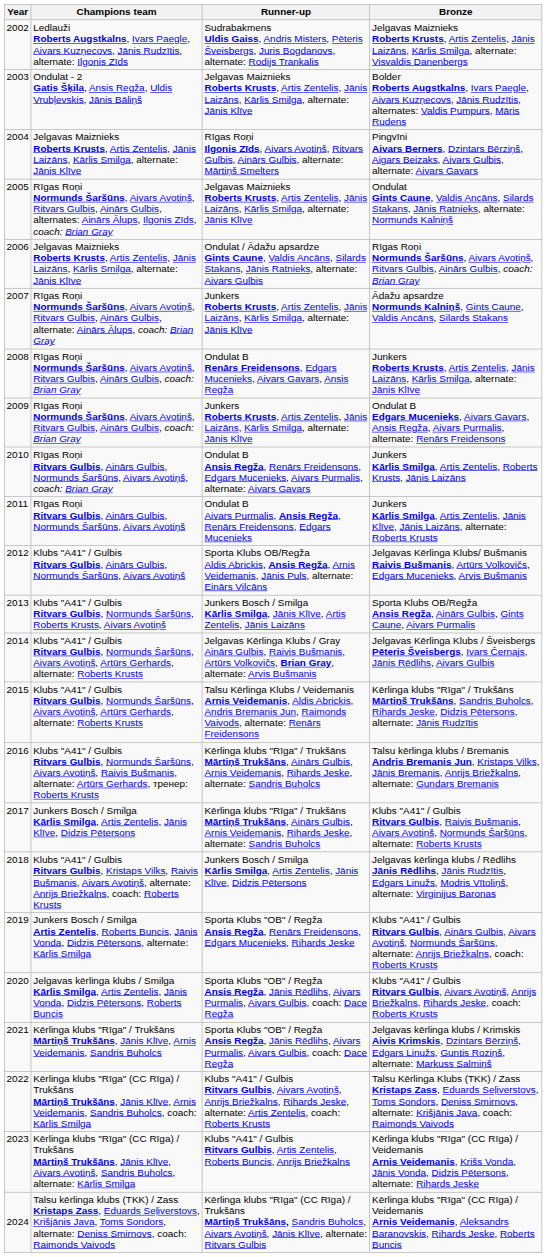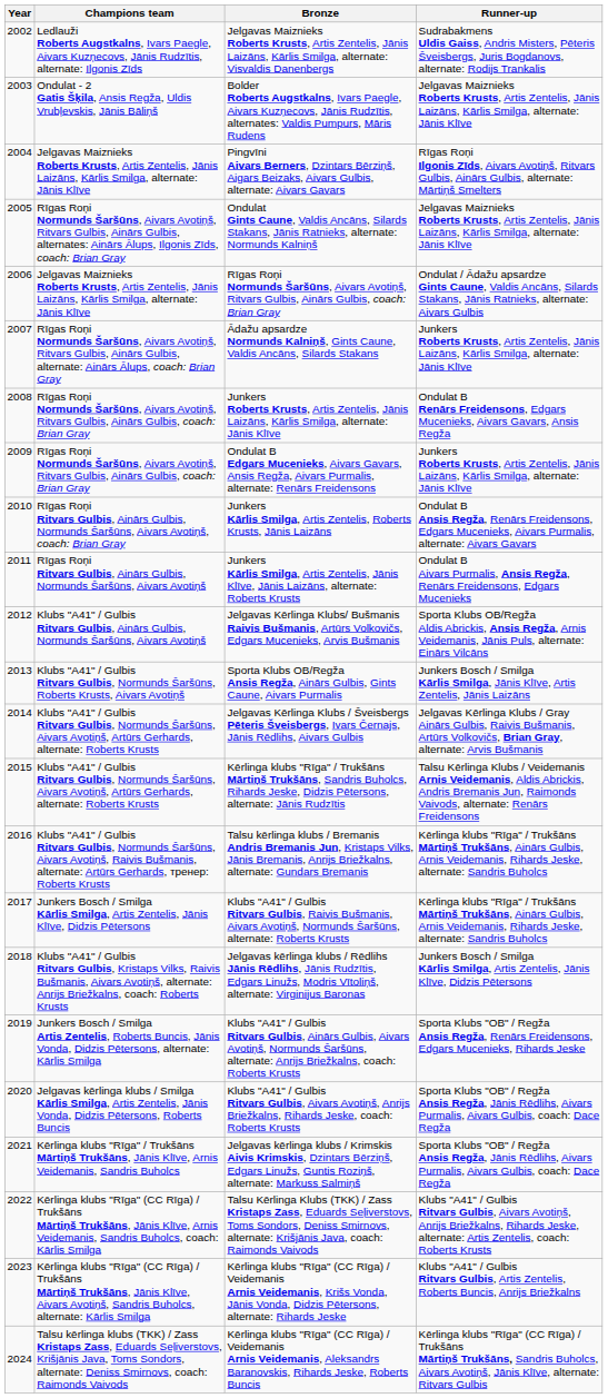 <table class="wikitable" border="1">
 <tr>
 <th>Year</th>
 <th>Champions team</th>
+<th>Bronze</th>
 <th>Runner-up</th>
-<th>Bronze</th>
 </tr>
 <tr valign="top">
 <td>2002</td>
 <td>Ledlauži<br><strong><a href='#'>Roberts Augstkalns</a></strong>, <a href='#'>Ivars Paegle</a>, <a href='#'>Aivars Kuzņecovs</a>, <a href='#'>Jānis Rudzītis</a>, alternate: <a href='#'>Ilgonis Zīds</a></td>
+<td>Jelgavas Maiznieks<br><strong><a href='#'>Roberts Krusts</a></strong>, <a href='#'>Artis Zentelis</a>, <a href='#'>Jānis Laizāns</a>, <a href='#'>Kārlis Smilga</a>, alternate: <a href='#'>Visvaldis Danenbergs</a></td>
 <td>Sudrabakmens<br><strong><a href='#'>Uldis Gaiss</a></strong>, <a href='#'>Andris Misters</a>, <a href='#'>Pēteris Šveisbergs</a>, <a href='#'>Juris Bogdanovs</a>, alternate: <a href='#'>Rodijs Trankalis</a></td>
-<td>Jelgavas Maiznieks<br><strong><a href='#'>Roberts Krusts</a></strong>, <a href='#'>Artis Zentelis</a>, <a href='#'>Jānis Laizāns</a>, <a href='#'>Kārlis Smilga</a>, alternate: <a href='#'>Visvaldis Danenbergs</a></td>
 </tr>
 <tr valign="top">
 <td>2003</td>
 <td>Ondulat - 2<br><strong><a href='#'>Gatis Šķila</a></strong>, <a href='#'>Ansis Regža</a>, <a href='#'>Uldis Vrubļevskis</a>, <a href='#'>Jānis Bāliņš</a></td>
+<td>Bolder<br><strong><a href='#'>Roberts Augstkalns</a></strong>, <a href='#'>Ivars Paegle</a>, <a href='#'>Aivars Kuzņecovs</a>, <a href='#'>Jānis Rudzītis</a>, alternates: <a href='#'>Valdis Pumpurs</a>, <a href='#'>Māris Rudens</a></td>
 <td>Jelgavas Maiznieks<br><strong><a href='#'>Roberts Krusts</a></strong>, <a href='#'>Artis Zentelis</a>, <a href='#'>Jānis Laizāns</a>, <a href='#'>Kārlis Smilga</a>, alternate: <a href='#'>Jānis Klīve</a></td>
-<td>Bolder<br><strong><a href='#'>Roberts Augstkalns</a></strong>, <a href='#'>Ivars Paegle</a>, <a href='#'>Aivars Kuzņecovs</a>, <a href='#'>Jānis Rudzītis</a>, alternates: <a href='#'>Valdis Pumpurs</a>, <a href='#'>Māris Rudens</a></td>
 </tr>
 <tr valign="top">
 <td>2004</td>
 <td>Jelgavas Maiznieks<br><strong><a href='#'>Roberts Krusts</a></strong>, <a href='#'>Artis Zentelis</a>, <a href='#'>Jānis Laizāns</a>, <a href='#'>Kārlis Smilga</a>, alternate: <a href='#'>Jānis Klīve</a></td>
+<td>Pingvīni<br><strong><a href='#'>Aivars Berners</a></strong>, <a href='#'>Dzintars Bērziņš</a>, <a href='#'>Aigars Beizaks</a>, <a href='#'>Aivars Gulbis</a>, alternate: <a href='#'>Aivars Gavars</a></td>
 <td>Rīgas Roņi<br><strong><a href='#'>Ilgonis Zīds</a></strong>, <a href='#'>Aivars Avotiņš</a>, <a href='#'>Ritvars Gulbis</a>, <a href='#'>Ainārs Gulbis</a>, alternate: <a href='#'>Mārtiņš Smelters</a></td>
-<td>Pingvīni<br><strong><a href='#'>Aivars Berners</a></strong>, <a href='#'>Dzintars Bērziņš</a>, <a href='#'>Aigars Beizaks</a>, <a href='#'>Aivars Gulbis</a>, alternate: <a href='#'>Aivars Gavars</a></td>
 </tr>
 <tr valign="top">
 <td>2005</td>
 <td>Rīgas Roņi<br><strong><a href='#'>Normunds Šaršūns</a></strong>, <a href='#'>Aivars Avotiņš</a>, <a href='#'>Ritvars Gulbis</a>, <a href='#'>Ainārs Gulbis</a>, alternates: <a href='#'>Ainārs Ālups</a>, <a href='#'>Ilgonis Zīds</a>, <em>coach: <a href='#'>Brian Gray</a></em></td>
+<td>Ondulat<br><strong><a href='#'>Gints Caune</a></strong>, <a href='#'>Valdis Ancāns</a>, <a href='#'>Silards Stakans</a>, <a href='#'>Jānis Ratnieks</a>, alternate: <a href='#'>Normunds Kalniņš</a></td>
 <td>Jelgavas Maiznieks<br><strong><a href='#'>Roberts Krusts</a></strong>, <a href='#'>Artis Zentelis</a>, <a href='#'>Jānis Laizāns</a>, <a href='#'>Kārlis Smilga</a>, alternate: <a href='#'>Jānis Klīve</a></td>
-<td>Ondulat<br><strong><a href='#'>Gints Caune</a></strong>, <a href='#'>Valdis Ancāns</a>, <a href='#'>Silards Stakans</a>, <a href='#'>Jānis Ratnieks</a>, alternate: <a href='#'>Normunds Kalniņš</a></td>
 </tr>
 <tr valign="top">
 <td>2006</td>
 <td>Jelgavas Maiznieks<br><strong><a href='#'>Roberts Krusts</a></strong>, <a href='#'>Artis Zentelis</a>, <a href='#'>Jānis Laizāns</a>, <a href='#'>Kārlis Smilga</a>, alternate: <a href='#'>Jānis Klīve</a></td>
+<td>Rīgas Roņi<br><strong><a href='#'>Normunds Šaršūns</a></strong>, <a href='#'>Aivars Avotiņš</a>, <a href='#'>Ritvars Gulbis</a>, <a href='#'>Ainārs Gulbis</a>, <em>coach: <a href='#'>Brian Gray</a></em></td>
 <td>Ondulat / Ādažu apsardze<br><strong><a href='#'>Gints Caune</a></strong>, <a href='#'>Valdis Ancāns</a>, <a href='#'>Silards Stakans</a>, <a href='#'>Jānis Ratnieks</a>, alternate: <a href='#'>Aivars Gulbis</a></td>
-<td>Rīgas Roņi<br><strong><a href='#'>Normunds Šaršūns</a></strong>, <a href='#'>Aivars Avotiņš</a>, <a href='#'>Ritvars Gulbis</a>, <a href='#'>Ainārs Gulbis</a>, <em>coach: <a href='#'>Brian Gray</a></em></td>
 </tr>
 <tr valign="top">
 <td>2007</td>
 <td>Rīgas Roņi<br><strong><a href='#'>Normunds Šaršūns</a></strong>, <a href='#'>Aivars Avotiņš</a>, <a href='#'>Ritvars Gulbis</a>, <a href='#'>Ainārs Gulbis</a>, alternate: <a href='#'>Ainārs Ālups</a>, <em>coach: <a href='#'>Brian Gray</a></em></td>
+<td>Ādažu apsardze<br><strong><a href='#'>Normunds Kalniņš</a></strong>, <a href='#'>Gints Caune</a>, <a href='#'>Valdis Ancāns</a>, <a href='#'>Silards Stakans</a></td>
 <td>Junkers<br><strong><a href='#'>Roberts Krusts</a></strong>, <a href='#'>Artis Zentelis</a>, <a href='#'>Jānis Laizāns</a>, <a href='#'>Kārlis Smilga</a>, alternate: <a href='#'>Jānis Klīve</a></td>
-<td>Ādažu apsardze<br><strong><a href='#'>Normunds Kalniņš</a></strong>, <a href='#'>Gints Caune</a>, <a href='#'>Valdis Ancāns</a>, <a href='#'>Silards Stakans</a></td>
 </tr>
 <tr valign="top">
 <td>2008</td>
 <td>Rīgas Roņi<br><strong><a href='#'>Normunds Šaršūns</a></strong>, <a href='#'>Aivars Avotiņš</a>, <a href='#'>Ritvars Gulbis</a>, <a href='#'>Ainārs Gulbis</a>, <em>coach: <a href='#'>Brian Gray</a></em></td>
+<td>Junkers<br><strong><a href='#'>Roberts Krusts</a></strong>, <a href='#'>Artis Zentelis</a>, <a href='#'>Jānis Laizāns</a>, <a href='#'>Kārlis Smilga</a>, alternate: <a href='#'>Jānis Klīve</a></td>
 <td>Ondulat B<br><strong><a href='#'>Renārs Freidensons</a></strong>, <a href='#'>Edgars Mucenieks</a>, <a href='#'>Aivars Gavars</a>, <a href='#'>Ansis Regža</a></td>
-<td>Junkers<br><strong><a href='#'>Roberts Krusts</a></strong>, <a href='#'>Artis Zentelis</a>, <a href='#'>Jānis Laizāns</a>, <a href='#'>Kārlis Smilga</a>, alternate: <a href='#'>Jānis Klīve</a></td>
 </tr>
 <tr valign="top">
 <td>2009</td>
 <td>Rīgas Roņi<br><strong><a href='#'>Normunds Šaršūns</a></strong>, <a href='#'>Aivars Avotiņš</a>, <a href='#'>Ritvars Gulbis</a>, <a href='#'>Ainārs Gulbis</a>, <em>coach: <a href='#'>Brian Gray</a></em></td>
+<td>Ondulat B<br><strong><a href='#'>Edgars Mucenieks</a></strong>, <a href='#'>Aivars Gavars</a>, <a href='#'>Ansis Regža</a>, <a href='#'>Aivars Purmalis</a>, alternate: <a href='#'>Renārs Freidensons</a></td>
 <td>Junkers<br><strong><a href='#'>Roberts Krusts</a></strong>, <a href='#'>Artis Zentelis</a>, <a href='#'>Jānis Laizāns</a>, <a href='#'>Kārlis Smilga</a>, alternate: <a href='#'>Jānis Klīve</a></td>
-<td>Ondulat B<br><strong><a href='#'>Edgars Mucenieks</a></strong>, <a href='#'>Aivars Gavars</a>, <a href='#'>Ansis Regža</a>, <a href='#'>Aivars Purmalis</a>, alternate: <a href='#'>Renārs Freidensons</a></td>
 </tr>
 <tr valign="top">
 <td>2010</td>
 <td>Rīgas Roņi<br><strong><a href='#'>Ritvars Gulbis</a></strong>, <a href='#'>Ainārs Gulbis</a>, <a href='#'>Normunds Šaršūns</a>, <a href='#'>Aivars Avotiņš</a>, <em>coach: <a href='#'>Brian Gray</a></em></td>
+<td>Junkers<br><strong><a href='#'>Kārlis Smilga</a></strong>, <a href='#'>Artis Zentelis</a>, <a href='#'>Roberts Krusts</a>, <a href='#'>Jānis Laizāns</a></td>
 <td>Ondulat B<br><strong><a href='#'>Ansis Regža</a></strong>, <a href='#'>Renārs Freidensons</a>, <a href='#'>Edgars Mucenieks</a>, <a href='#'>Aivars Purmalis</a>, alternate: <a href='#'>Aivars Gavars</a></td>
-<td>Junkers<br><strong><a href='#'>Kārlis Smilga</a></strong>, <a href='#'>Artis Zentelis</a>, <a href='#'>Roberts Krusts</a>, <a href='#'>Jānis Laizāns</a></td>
 </tr>
 <tr valign="top">
 <td>2011</td>
 <td>Rīgas Roņi<br><strong><a href='#'>Ritvars Gulbis</a></strong>, <a href='#'>Ainārs Gulbis</a>, <a href='#'>Normunds Šaršūns</a>, <a href='#'>Aivars Avotiņš</a></td>
+<td>Junkers<br><strong><a href='#'>Kārlis Smilga</a></strong>, <a href='#'>Artis Zentelis</a>, <a href='#'>Jānis Klīve</a>, <a href='#'>Jānis Laizāns</a>, alternate: <a href='#'>Roberts Krusts</a></td>
 <td>Ondulat B<br><a href='#'>Aivars Purmalis</a>, <strong><a href='#'>Ansis Regža</a></strong>, <a href='#'>Renārs Freidensons</a>, <a href='#'>Edgars Mucenieks</a></td>
-<td>Junkers<br><strong><a href='#'>Kārlis Smilga</a></strong>, <a href='#'>Artis Zentelis</a>, <a href='#'>Jānis Klīve</a>, <a href='#'>Jānis Laizāns</a>, alternate: <a href='#'>Roberts Krusts</a></td>
 </tr>
 <tr valign="top">
 <td>2012</td>
 <td>Klubs "A41" / Gulbis<br><strong><a href='#'>Ritvars Gulbis</a></strong>, <a href='#'>Ainārs Gulbis</a>, <a href='#'>Normunds Šaršūns</a>, <a href='#'>Aivars Avotiņš</a></td>
+<td>Jelgavas Kērlinga Klubs/ Bušmanis<br><strong><a href='#'>Raivis Bušmanis</a></strong>, <a href='#'>Artūrs Volkovičs</a>, <a href='#'>Edgars Mucenieks</a>, <a href='#'>Arvis Bušmanis</a></td>
 <td>Sporta Klubs OB/Regža<br><a href='#'>Aldis Abrickis</a>, <strong><a href='#'>Ansis Regža</a></strong>, <a href='#'>Arnis Veidemanis</a>, <a href='#'>Jānis Puls</a>, alternate: <a href='#'>Einārs Vilcāns</a></td>
-<td>Jelgavas Kērlinga Klubs/ Bušmanis<br><strong><a href='#'>Raivis Bušmanis</a></strong>, <a href='#'>Artūrs Volkovičs</a>, <a href='#'>Edgars Mucenieks</a>, <a href='#'>Arvis Bušmanis</a></td>
 </tr>
 <tr valign="top">
 <td>2013</td>
 <td>Klubs "A41" / Gulbis<br><strong><a href='#'>Ritvars Gulbis</a></strong>, <a href='#'>Normunds Šaršūns</a>, <a href='#'>Roberts Krusts</a>, <a href='#'>Aivars Avotiņš</a></td>
+<td>Sporta Klubs OB/Regža<br><strong><a href='#'>Ansis Regža</a></strong>, <a href='#'>Ainārs Gulbis</a>, <a href='#'>Gints Caune</a>, <a href='#'>Aivars Purmalis</a></td>
 <td>Junkers Bosch / Smilga<br><strong><a href='#'>Kārlis Smilga</a></strong>, <a href='#'>Jānis Klīve</a>, <a href='#'>Artis Zentelis</a>, <a href='#'>Jānis Laizāns</a></td>
-<td>Sporta Klubs OB/Regža<br><strong><a href='#'>Ansis Regža</a></strong>, <a href='#'>Ainārs Gulbis</a>, <a href='#'>Gints Caune</a>, <a href='#'>Aivars Purmalis</a></td>
 </tr>
 <tr valign="top">
 <td>2014</td>
 <td>Klubs "A41" / Gulbis<br><strong><a href='#'>Ritvars Gulbis</a></strong>, <a href='#'>Normunds Šaršūns</a>, <a href='#'>Aivars Avotiņš</a>, <a href='#'>Artūrs Gerhards</a>, alternate: <a href='#'>Roberts Krusts</a></td>
+<td>Jelgavas Kērlinga Klubs / Šveisbergs<br><strong><a href='#'>Pēteris Šveisbergs</a></strong>, <a href='#'>Ivars Černajs</a>, <a href='#'>Jānis Rēdlihs</a>, <a href='#'>Aivars Gulbis</a></td>
 <td>Jelgavas Kērlinga Klubs / Gray<br><a href='#'>Ainārs Gulbis</a>, <a href='#'>Raivis Bušmanis</a>, <a href='#'>Artūrs Volkovičs</a>, <strong><a href='#'>Brian Gray</a></strong>, alternate: <a href='#'>Arvis Bušmanis</a></td>
-<td>Jelgavas Kērlinga Klubs / Šveisbergs<br><strong><a href='#'>Pēteris Šveisbergs</a></strong>, <a href='#'>Ivars Černajs</a>, <a href='#'>Jānis Rēdlihs</a>, <a href='#'>Aivars Gulbis</a></td>
 </tr>
 <tr valign="top">
 <td>2015</td>
 <td>Klubs "A41" / Gulbis<br><strong><a href='#'>Ritvars Gulbis</a></strong>, <a href='#'>Normunds Šaršūns</a>, <a href='#'>Aivars Avotiņš</a>, <a href='#'>Artūrs Gerhards</a>, alternate: <a href='#'>Roberts Krusts</a></td>
+<td>Kērlinga klubs "Rīga" / Trukšāns<br><strong><a href='#'>Mārtiņš Trukšāns</a></strong>, <a href='#'>Sandris Buholcs</a>, <a href='#'>Rihards Jeske</a>, <a href='#'>Didzis Pētersons</a>, alternate: <a href='#'>Jānis Rudzītis</a></td>
 <td>Talsu Kērlinga Klubs / Veidemanis<br><strong><a href='#'>Arnis Veidemanis</a></strong>, <a href='#'>Aldis Abrickis</a>, <a href='#'>Andris Bremanis Jun</a>, <a href='#'>Raimonds Vaivods</a>, alternate: <a href='#'>Renārs Freidensons</a></td>
-<td>Kērlinga klubs "Rīga" / Trukšāns<br><strong><a href='#'>Mārtiņš Trukšāns</a></strong>, <a href='#'>Sandris Buholcs</a>, <a href='#'>Rihards Jeske</a>, <a href='#'>Didzis Pētersons</a>, alternate: <a href='#'>Jānis Rudzītis</a></td>
 </tr>
 <tr valign="top">
 <td>2016</td>
 <td>Klubs "A41" / Gulbis<br><strong><a href='#'>Ritvars Gulbis</a></strong>, <a href='#'>Normunds Šaršūns</a>, <a href='#'>Aivars Avotiņš</a>, <a href='#'>Raivis Bušmanis</a>, alternate: <a href='#'>Artūrs Gerhards</a>, тренер: <a href='#'>Roberts Krusts</a></td>
+<td>Talsu kērlinga klubs / Bremanis<br><strong><a href='#'>Andris Bremanis Jun</a></strong>, <a href='#'>Kristaps Vilks</a>, <a href='#'>Jānis Bremanis</a>, <a href='#'>Anrijs Briežkalns</a>, alternate: <a href='#'>Gundars Bremanis</a></td>
 <td>Kērlinga klubs "Rīga" / Trukšāns<br><strong><a href='#'>Mārtiņš Trukšāns</a></strong>, <a href='#'>Ainārs Gulbis</a>, <a href='#'>Arnis Veidemanis</a>, <a href='#'>Rihards Jeske</a>, alternate: <a href='#'>Sandris Buholcs</a></td>
-<td>Talsu kērlinga klubs / Bremanis<br><strong><a href='#'>Andris Bremanis Jun</a></strong>, <a href='#'>Kristaps Vilks</a>, <a href='#'>Jānis Bremanis</a>, <a href='#'>Anrijs Briežkalns</a>, alternate: <a href='#'>Gundars Bremanis</a></td>
 </tr>
 <tr valign="top">
 <td>2017</td>
 <td>Junkers Bosch / Smilga<br><strong><a href='#'>Kārlis Smilga</a></strong>, <a href='#'>Artis Zentelis</a>, <a href='#'>Jānis Klīve</a>, <a href='#'>Didzis Pētersons</a></td>
+<td>Klubs "A41" / Gulbis<br><strong><a href='#'>Ritvars Gulbis</a></strong>, <a href='#'>Raivis Bušmanis</a>, <a href='#'>Aivars Avotiņš</a>, <a href='#'>Normunds Šaršūns</a>, alternate: <a href='#'>Roberts Krusts</a></td>
 <td>Kērlinga klubs "Rīga" / Trukšāns<br><strong><a href='#'>Mārtiņš Trukšāns</a></strong>, <a href='#'>Ainārs Gulbis</a>, <a href='#'>Arnis Veidemanis</a>, <a href='#'>Rihards Jeske</a>, alternate: <a href='#'>Sandris Buholcs</a></td>
-<td>Klubs "A41" / Gulbis<br><strong><a href='#'>Ritvars Gulbis</a></strong>, <a href='#'>Raivis Bušmanis</a>, <a href='#'>Aivars Avotiņš</a>, <a href='#'>Normunds Šaršūns</a>, alternate: <a href='#'>Roberts Krusts</a></td>
 </tr>
 <tr valign="top">
 <td>2018</td>
 <td>Klubs "A41" / Gulbis<br><strong><a href='#'>Ritvars Gulbis</a></strong>, <a href='#'>Kristaps Vilks</a>, <a href='#'>Raivis Bušmanis</a>, <a href='#'>Aivars Avotiņš</a>, alternate: <a href='#'>Anrijs Briežkalns</a>, coach: <a href='#'>Roberts Krusts</a></td>
+<td>Jelgavas kērlinga klubs / Rēdlihs<br><strong><a href='#'>Jānis Rēdlihs</a></strong>, <a href='#'>Jānis Rudzītis</a>, <a href='#'>Edgars Linužs</a>, <a href='#'>Modris Vītoliņš</a>, alternate: <a href='#'>Virginijus Baronas</a></td>
 <td>Junkers Bosch / Smilga<br><strong><a href='#'>Kārlis Smilga</a></strong>, <a href='#'>Artis Zentelis</a>, <a href='#'>Jānis Klīve</a>, <a href='#'>Didzis Pētersons</a></td>
-<td>Jelgavas kērlinga klubs / Rēdlihs<br><strong><a href='#'>Jānis Rēdlihs</a></strong>, <a href='#'>Jānis Rudzītis</a>, <a href='#'>Edgars Linužs</a>, <a href='#'>Modris Vītoliņš</a>, alternate: <a href='#'>Virginijus Baronas</a></td>
 </tr>
 <tr valign="top">
 <td>2019</td>
 <td>Junkers Bosch / Smilga<br><strong><a href='#'>Artis Zentelis</a></strong>, <a href='#'>Roberts Buncis</a>, <a href='#'>Jānis Vonda</a>, <a href='#'>Didzis Pētersons</a>, alternate: <a href='#'>Kārlis Smilga</a></td>
+<td>Klubs "A41" / Gulbis<br><strong><a href='#'>Ritvars Gulbis</a></strong>, <a href='#'>Ainārs Gulbis</a>, <a href='#'>Aivars Avotiņš</a>, <a href='#'>Normunds Šaršūns</a>, alternate: <a href='#'>Anrijs Briežkalns</a>, coach: <a href='#'>Roberts Krusts</a></td>
 <td>Sporta Klubs "OB" / Regža<br><strong><a href='#'>Ansis Regža</a></strong>, <a href='#'>Renārs Freidensons</a>, <a href='#'>Edgars Mucenieks</a>, <a href='#'>Rihards Jeske</a></td>
-<td>Klubs "A41" / Gulbis<br><strong><a href='#'>Ritvars Gulbis</a></strong>, <a href='#'>Ainārs Gulbis</a>, <a href='#'>Aivars Avotiņš</a>, <a href='#'>Normunds Šaršūns</a>, alternate: <a href='#'>Anrijs Briežkalns</a>, coach: <a href='#'>Roberts Krusts</a></td>
 </tr>
 <tr valign="top">
 <td>2020</td>
 <td>Jelgavas kērlinga klubs / Smilga<br><strong><a href='#'>Kārlis Smilga</a></strong>, <a href='#'>Artis Zentelis</a>, <a href='#'>Jānis Vonda</a>, <a href='#'>Didzis Pētersons</a>, <a href='#'>Roberts Buncis</a></td>
+<td>Klubs "A41" / Gulbis<br><strong><a href='#'>Ritvars Gulbis</a></strong>, <a href='#'>Aivars Avotiņš</a>, <a href='#'>Anrijs Briežkalns</a>, <a href='#'>Rihards Jeske</a>, coach: <a href='#'>Roberts Krusts</a></td>
 <td>Sporta Klubs "OB" / Regža<br><strong><a href='#'>Ansis Regža</a></strong>, <a href='#'>Jānis Rēdlihs</a>, <a href='#'>Aivars Purmalis</a>, <a href='#'>Aivars Gulbis</a>, coach: <a href='#'>Dace Regža</a></td>
-<td>Klubs "A41" / Gulbis<br><strong><a href='#'>Ritvars Gulbis</a></strong>, <a href='#'>Aivars Avotiņš</a>, <a href='#'>Anrijs Briežkalns</a>, <a href='#'>Rihards Jeske</a>, coach: <a href='#'>Roberts Krusts</a></td>
 </tr>
 <tr valign="top">
 <td>2021</td>
 <td>Kērlinga klubs "Rīga" / Trukšāns<br><strong><a href='#'>Mārtiņš Trukšāns</a></strong>, <a href='#'>Jānis Klīve</a>, <a href='#'>Arnis Veidemanis</a>, <a href='#'>Sandris Buholcs</a></td>
+<td>Jelgavas kērlinga klubs / Krimskis<br> <strong><a href='#'>Aivis Krimskis</a></strong>, <a href='#'>Dzintars Bērziņš</a>, <a href='#'>Edgars Linužs</a>, <a href='#'>Guntis Roziņš</a>, alternate: <a href='#'>Markuss Salmiņš</a></td>
 <td>Sporta Klubs "OB" / Regža<br><strong><a href='#'>Ansis Regža</a></strong>, <a href='#'>Jānis Rēdlihs</a>, <a href='#'>Aivars Purmalis</a>, <a href='#'>Aivars Gulbis</a>, coach: <a href='#'>Dace Regža</a></td>
-<td>Jelgavas kērlinga klubs / Krimskis<br> <strong><a href='#'>Aivis Krimskis</a></strong>, <a href='#'>Dzintars Bērziņš</a>, <a href='#'>Edgars Linužs</a>, <a href='#'>Guntis Roziņš</a>, alternate: <a href='#'>Markuss Salmiņš</a></td>
 </tr>
 <tr valign="top">
 <td>2022<br></td>
 <td>Kērlinga klubs "Rīga" (CC Rīga) / Trukšāns<br><strong><a href='#'>Mārtiņš Trukšāns</a></strong>, <a href='#'>Jānis Klīve</a>, <a href='#'>Arnis Veidemanis</a>, <a href='#'>Sandris Buholcs</a>, coach: <a href='#'>Kārlis Smilga</a></td>
+<td>Talsu Kērlinga Klubs (TKK) / Zass<br><strong><a href='#'>Kristaps Zass</a></strong>, <a href='#'>Eduards Seļiverstovs</a>, <a href='#'>Toms Sondors</a>, <a href='#'>Deniss Smirnovs</a>, alternate: <a href='#'>Krišjānis Java</a>, coach: <a href='#'>Raimonds Vaivods</a></td>
 <td>Klubs "A41" / Gulbis<br><strong><a href='#'>Ritvars Gulbis</a></strong>, <a href='#'>Aivars Avotiņš</a>, <a href='#'>Anrijs Briežkalns</a>, <a href='#'>Rihards Jeske</a>, alternate: <a href='#'>Artis Zentelis</a>, coach: <a href='#'>Roberts Krusts</a></td>
-<td>Talsu Kērlinga Klubs (TKK) / Zass<br><strong><a href='#'>Kristaps Zass</a></strong>, <a href='#'>Eduards Seļiverstovs</a>, <a href='#'>Toms Sondors</a>, <a href='#'>Deniss Smirnovs</a>, alternate: <a href='#'>Krišjānis Java</a>, coach: <a href='#'>Raimonds Vaivods</a></td>
 </tr>
 <tr valign="top">
 <td>2023<br></td>
 <td>Kērlinga klubs "Rīga" (CC Rīga) / Trukšāns<br><strong><a href='#'>Mārtiņš Trukšāns</a></strong>, <a href='#'>Jānis Klīve</a>, <a href='#'>Aivars Avotiņš</a>, <a href='#'>Sandris Buholcs</a>, alternate: <a href='#'>Kārlis Smilga</a></td>
+<td>Kērlinga klubs "Rīga" (CC Rīga) / Veidemanis<br><strong><a href='#'>Arnis Veidemanis</a></strong>, <a href='#'>Krišs Vonda</a>, <a href='#'>Jānis Vonda</a>, <a href='#'>Didzis Pētersons</a>, alternate: <a href='#'>Rihards Jeske</a></td>
 <td>Klubs "A41" / Gulbis<br><strong><a href='#'>Ritvars Gulbis</a></strong>, <a href='#'>Artis Zentelis</a>, <a href='#'>Roberts Buncis</a>, <a href='#'>Anrijs Briežkalns</a></td>
-<td>Kērlinga klubs "Rīga" (CC Rīga) / Veidemanis<br><strong><a href='#'>Arnis Veidemanis</a></strong>, <a href='#'>Krišs Vonda</a>, <a href='#'>Jānis Vonda</a>, <a href='#'>Didzis Pētersons</a>, alternate: <a href='#'>Rihards Jeske</a></td>
 </tr>
 <tr>
 <td>2024<br></td>
 <td>Talsu kērlinga klubs (TKK) / Zass<br><strong><a href='#'>Kristaps Zass</a></strong>, <a href='#'>Eduards Seļiverstovs</a>, <a href='#'>Krišjānis Java</a>, <a href='#'>Toms Sondors</a>, alternate: <a href='#'>Deniss Smirnovs</a>, coach: <a href='#'>Raimonds Vaivods</a></td>
+<td>Kērlinga klubs "Rīga" (CC Rīga) / Veidemanis<br><strong><a href='#'>Arnis Veidemanis</a></strong>, <a href='#'>Aleksandrs Baranovskis</a>, <a href='#'>Rihards Jeske</a>, <a href='#'>Roberts Buncis</a></td>
 <td>Kērlinga klubs "Rīga" (CC Rīga) / Trukšāns<br><strong><a href='#'>Mārtiņš Trukšāns</a>,</strong> <a href='#'>Sandris Buholcs</a>, <a href='#'>Aivars Avotiņš</a>, <a href='#'>Jānis Klīve</a>, alternate: <a href='#'>Ritvars Gulbis</a></td>
-<td>Kērlinga klubs "Rīga" (CC Rīga) / Veidemanis<br><strong><a href='#'>Arnis Veidemanis</a></strong>, <a href='#'>Aleksandrs Baranovskis</a>, <a href='#'>Rihards Jeske</a>, <a href='#'>Roberts Buncis</a></td>
 </tr>
 </table>
